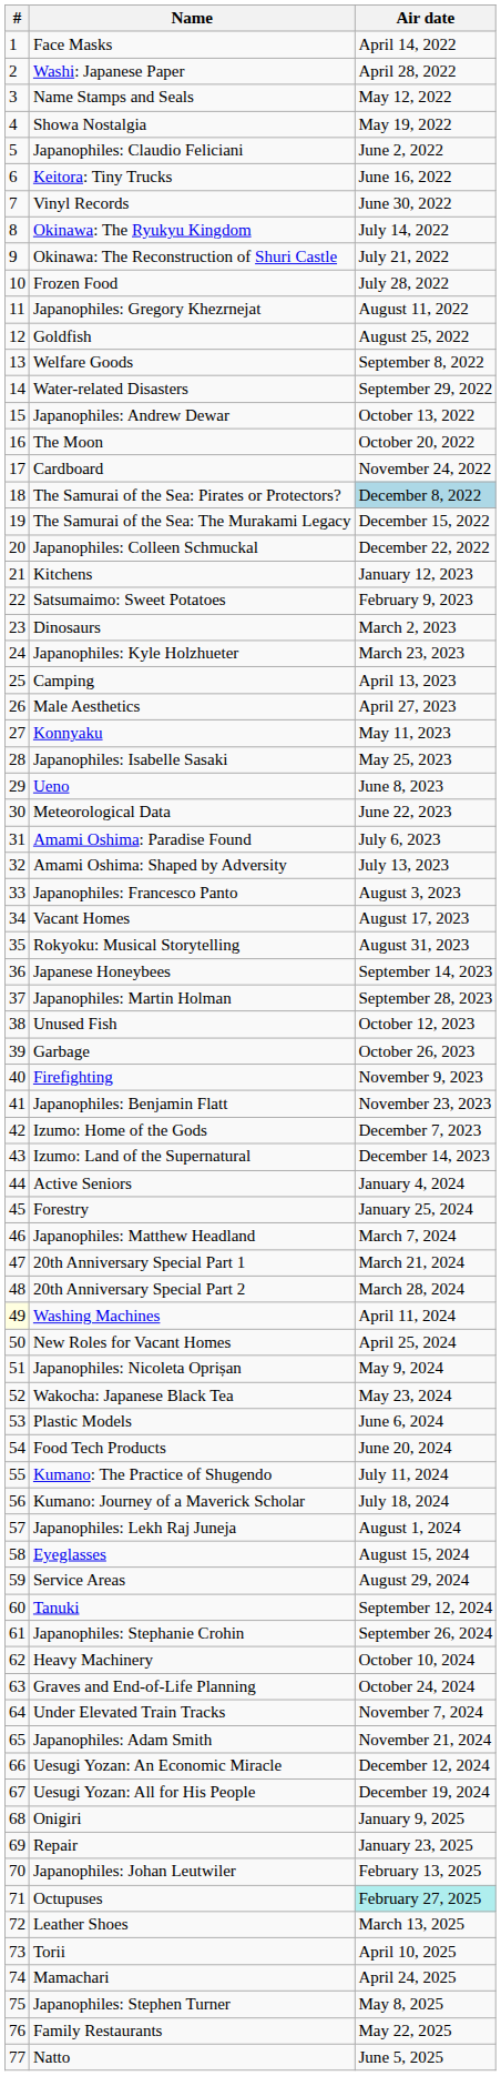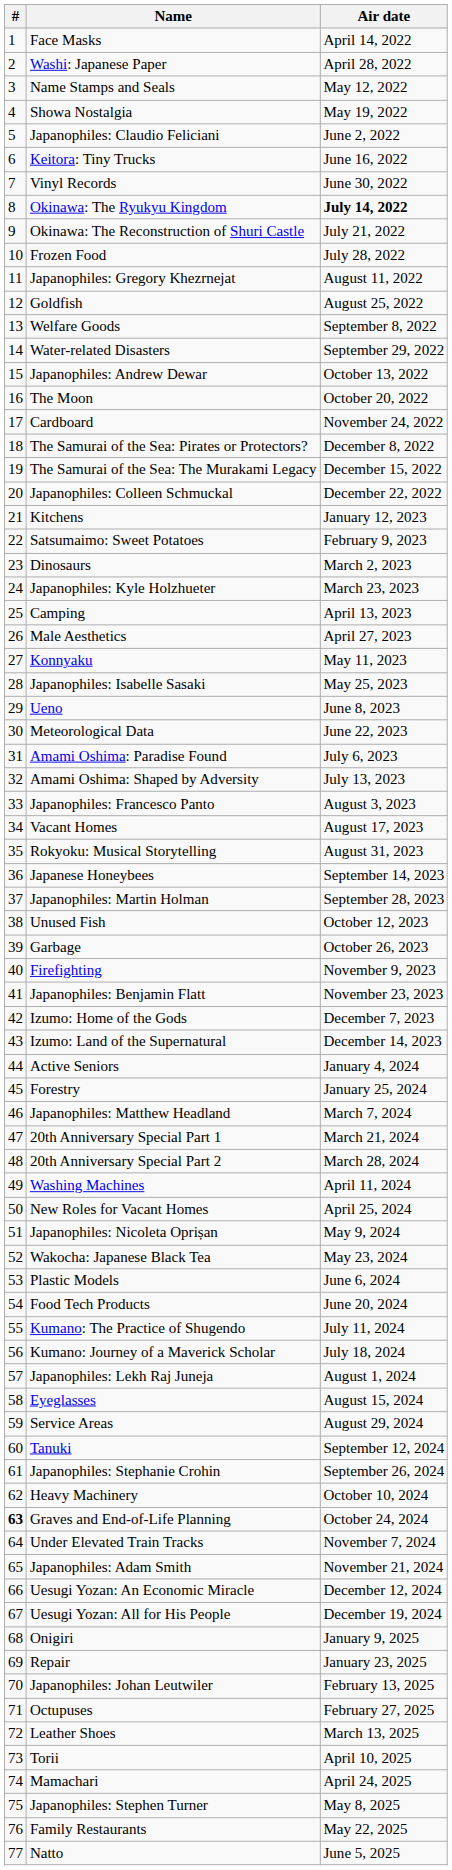 <table class="wikitable sortable">
 <tr>
 <th>#</th>
 <th>Name</th>
 <th>Air date</th>
 </tr>
 <tr>
 <td>1</td>
 <td>Face Masks</td>
 <td>April 14, 2022</td>
 </tr>
 <tr>
 <td>2</td>
 <td><a href='#'>Washi</a>: Japanese Paper</td>
 <td>April 28, 2022</td>
 </tr>
 <tr>
 <td>3</td>
 <td>Name Stamps and Seals</td>
 <td>May 12, 2022</td>
 </tr>
 <tr>
 <td>4</td>
 <td>Showa Nostalgia</td>
 <td>May 19, 2022</td>
 </tr>
 <tr>
 <td>5</td>
 <td>Japanophiles: Claudio Feliciani</td>
 <td>June 2, 2022</td>
 </tr>
 <tr>
 <td>6</td>
 <td><a href='#'>Keitora</a>: Tiny Trucks</td>
 <td>June 16, 2022</td>
 </tr>
 <tr>
 <td>7</td>
 <td>Vinyl Records</td>
 <td>June 30, 2022</td>
 </tr>
 <tr>
 <td>8</td>
 <td><a href='#'>Okinawa</a>: The <a href='#'>Ryukyu Kingdom</a></td>
-<td>July 14, 2022</td>
+<td><strong>July 14, 2022</strong></td>
 </tr>
 <tr>
 <td>9</td>
 <td>Okinawa: The Reconstruction of <a href='#'>Shuri Castle</a></td>
 <td>July 21, 2022</td>
 </tr>
 <tr>
 <td>10</td>
 <td>Frozen Food</td>
 <td>July 28, 2022</td>
 </tr>
 <tr>
 <td>11</td>
 <td>Japanophiles: Gregory Khezrnejat</td>
 <td>August 11, 2022</td>
 </tr>
 <tr>
 <td>12</td>
 <td>Goldfish</td>
 <td>August 25, 2022</td>
 </tr>
 <tr>
 <td>13</td>
 <td>Welfare Goods</td>
 <td>September 8, 2022</td>
 </tr>
 <tr>
 <td>14</td>
 <td>Water-related Disasters</td>
 <td>September 29, 2022</td>
 </tr>
 <tr>
 <td>15</td>
 <td>Japanophiles: Andrew Dewar</td>
 <td>October 13, 2022</td>
 </tr>
 <tr>
 <td>16</td>
 <td>The Moon</td>
 <td>October 20, 2022</td>
 </tr>
 <tr>
 <td>17</td>
 <td>Cardboard</td>
 <td>November 24, 2022</td>
 </tr>
 <tr>
 <td>18</td>
 <td>The Samurai of the Sea: Pirates or Protectors?</td>
-<td style="background: lightblue;">December 8, 2022</td>
+<td>December 8, 2022</td>
 </tr>
 <tr>
 <td>19</td>
 <td>The Samurai of the Sea: The Murakami Legacy</td>
 <td>December 15, 2022</td>
 </tr>
 <tr>
 <td>20</td>
 <td>Japanophiles: Colleen Schmuckal</td>
 <td>December 22, 2022</td>
 </tr>
 <tr>
 <td>21</td>
 <td>Kitchens</td>
 <td>January 12, 2023</td>
 </tr>
 <tr>
 <td>22</td>
 <td>Satsumaimo: Sweet Potatoes</td>
 <td>February 9, 2023</td>
 </tr>
 <tr>
 <td>23</td>
 <td>Dinosaurs</td>
 <td>March 2, 2023</td>
 </tr>
 <tr>
 <td>24</td>
 <td>Japanophiles: Kyle Holzhueter</td>
 <td>March 23, 2023</td>
 </tr>
 <tr>
 <td>25</td>
 <td>Camping</td>
 <td>April 13, 2023</td>
 </tr>
 <tr>
 <td>26</td>
 <td>Male Aesthetics</td>
 <td>April 27, 2023</td>
 </tr>
 <tr>
 <td>27</td>
 <td><a href='#'>Konnyaku</a></td>
 <td>May 11, 2023</td>
 </tr>
 <tr>
 <td>28</td>
 <td>Japanophiles: Isabelle Sasaki</td>
 <td>May 25, 2023</td>
 </tr>
 <tr>
 <td>29</td>
 <td><a href='#'>Ueno</a></td>
 <td>June 8, 2023</td>
 </tr>
 <tr>
 <td>30</td>
 <td>Meteorological Data</td>
 <td>June 22, 2023</td>
 </tr>
 <tr>
 <td>31</td>
 <td><a href='#'>Amami Oshima</a>: Paradise Found</td>
 <td>July 6, 2023</td>
 </tr>
 <tr>
 <td>32</td>
 <td>Amami Oshima: Shaped by Adversity</td>
 <td>July 13, 2023</td>
 </tr>
 <tr>
 <td>33</td>
 <td>Japanophiles: Francesco Panto</td>
 <td>August 3, 2023</td>
 </tr>
 <tr>
 <td>34</td>
 <td>Vacant Homes</td>
 <td>August 17, 2023</td>
 </tr>
 <tr>
 <td>35</td>
 <td>Rokyoku: Musical Storytelling</td>
 <td>August 31, 2023</td>
 </tr>
 <tr>
 <td>36</td>
 <td>Japanese Honeybees</td>
 <td>September 14, 2023</td>
 </tr>
 <tr>
 <td>37</td>
 <td>Japanophiles: Martin Holman</td>
 <td>September 28, 2023</td>
 </tr>
 <tr>
 <td>38</td>
 <td>Unused Fish</td>
 <td>October 12, 2023</td>
 </tr>
 <tr>
 <td>39</td>
 <td>Garbage</td>
 <td>October 26, 2023</td>
 </tr>
 <tr>
 <td>40</td>
 <td><a href='#'>Firefighting</a></td>
 <td>November 9, 2023</td>
 </tr>
 <tr>
 <td>41</td>
 <td>Japanophiles: Benjamin Flatt</td>
 <td>November 23, 2023</td>
 </tr>
 <tr>
 <td>42</td>
 <td>Izumo: Home of the Gods</td>
 <td>December 7, 2023</td>
 </tr>
 <tr>
 <td>43</td>
 <td>Izumo: Land of the Supernatural</td>
 <td>December 14, 2023</td>
 </tr>
 <tr>
 <td>44</td>
 <td>Active Seniors</td>
 <td>January 4, 2024</td>
 </tr>
 <tr>
 <td>45</td>
 <td>Forestry</td>
 <td>January 25, 2024</td>
 </tr>
 <tr>
 <td>46</td>
 <td>Japanophiles: Matthew Headland</td>
 <td>March 7, 2024</td>
 </tr>
 <tr>
 <td>47</td>
 <td>20th Anniversary Special Part 1</td>
 <td>March 21, 2024</td>
 </tr>
 <tr>
 <td>48</td>
 <td>20th Anniversary Special Part 2</td>
 <td>March 28, 2024</td>
 </tr>
 <tr>
-<td style="background: lightyellow;">49</td>
+<td>49</td>
 <td><a href='#'>Washing Machines</a></td>
 <td>April 11, 2024</td>
 </tr>
 <tr>
 <td>50</td>
 <td>New Roles for Vacant Homes</td>
 <td>April 25, 2024</td>
 </tr>
 <tr>
 <td>51</td>
 <td>Japanophiles: Nicoleta Oprișan</td>
 <td>May 9, 2024</td>
 </tr>
 <tr>
 <td>52</td>
 <td>Wakocha: Japanese Black Tea</td>
 <td>May 23, 2024</td>
 </tr>
 <tr>
 <td>53</td>
 <td>Plastic Models</td>
 <td>June 6, 2024</td>
 </tr>
 <tr>
 <td>54</td>
 <td>Food Tech Products</td>
 <td>June 20, 2024</td>
 </tr>
 <tr>
 <td>55</td>
 <td><a href='#'>Kumano</a>: The Practice of Shugendo</td>
 <td>July 11, 2024</td>
 </tr>
 <tr>
 <td>56</td>
 <td>Kumano: Journey of a Maverick Scholar</td>
 <td>July 18, 2024</td>
 </tr>
 <tr>
 <td>57</td>
 <td>Japanophiles: Lekh Raj Juneja</td>
 <td>August 1, 2024</td>
 </tr>
 <tr>
 <td>58</td>
 <td><a href='#'>Eyeglasses</a></td>
 <td>August 15, 2024</td>
 </tr>
 <tr>
 <td>59</td>
 <td>Service Areas</td>
 <td>August 29, 2024</td>
 </tr>
 <tr>
 <td>60</td>
 <td><a href='#'>Tanuki</a></td>
 <td>September 12, 2024</td>
 </tr>
 <tr>
 <td>61</td>
 <td>Japanophiles: Stephanie Crohin</td>
 <td>September 26, 2024</td>
 </tr>
 <tr>
 <td>62</td>
 <td>Heavy Machinery</td>
 <td>October 10, 2024</td>
 </tr>
 <tr>
-<td>63</td>
+<td><strong>63</strong></td>
 <td>Graves and End-of-Life Planning</td>
 <td>October 24, 2024</td>
 </tr>
 <tr>
 <td>64</td>
 <td>Under Elevated Train Tracks</td>
 <td>November 7, 2024</td>
 </tr>
 <tr>
 <td>65</td>
 <td>Japanophiles: Adam Smith</td>
 <td>November 21, 2024</td>
 </tr>
 <tr>
 <td>66</td>
 <td>Uesugi Yozan: An Economic Miracle</td>
 <td>December 12, 2024</td>
 </tr>
 <tr>
 <td>67</td>
 <td>Uesugi Yozan: All for His People</td>
 <td>December 19, 2024</td>
 </tr>
 <tr>
 <td>68</td>
 <td>Onigiri</td>
 <td>January 9, 2025</td>
 </tr>
 <tr>
 <td>69</td>
 <td>Repair</td>
 <td>January 23, 2025</td>
 </tr>
 <tr>
 <td>70</td>
 <td>Japanophiles: Johan Leutwiler</td>
 <td>February 13, 2025</td>
 </tr>
 <tr>
 <td>71</td>
 <td>Octupuses</td>
-<td style="background: paleturquoise;">February 27, 2025</td>
+<td>February 27, 2025</td>
 </tr>
 <tr>
 <td>72</td>
 <td>Leather Shoes</td>
 <td>March 13, 2025</td>
 </tr>
 <tr>
 <td>73</td>
 <td>Torii</td>
 <td>April 10, 2025</td>
 </tr>
 <tr>
 <td>74</td>
 <td>Mamachari</td>
 <td>April 24, 2025</td>
 </tr>
 <tr>
 <td>75</td>
 <td>Japanophiles: Stephen Turner</td>
 <td>May 8, 2025</td>
 </tr>
 <tr>
 <td>76</td>
 <td>Family Restaurants</td>
 <td>May 22, 2025</td>
 </tr>
 <tr>
 <td>77</td>
 <td>Natto</td>
 <td>June 5, 2025</td>
 </tr>
 </table>
